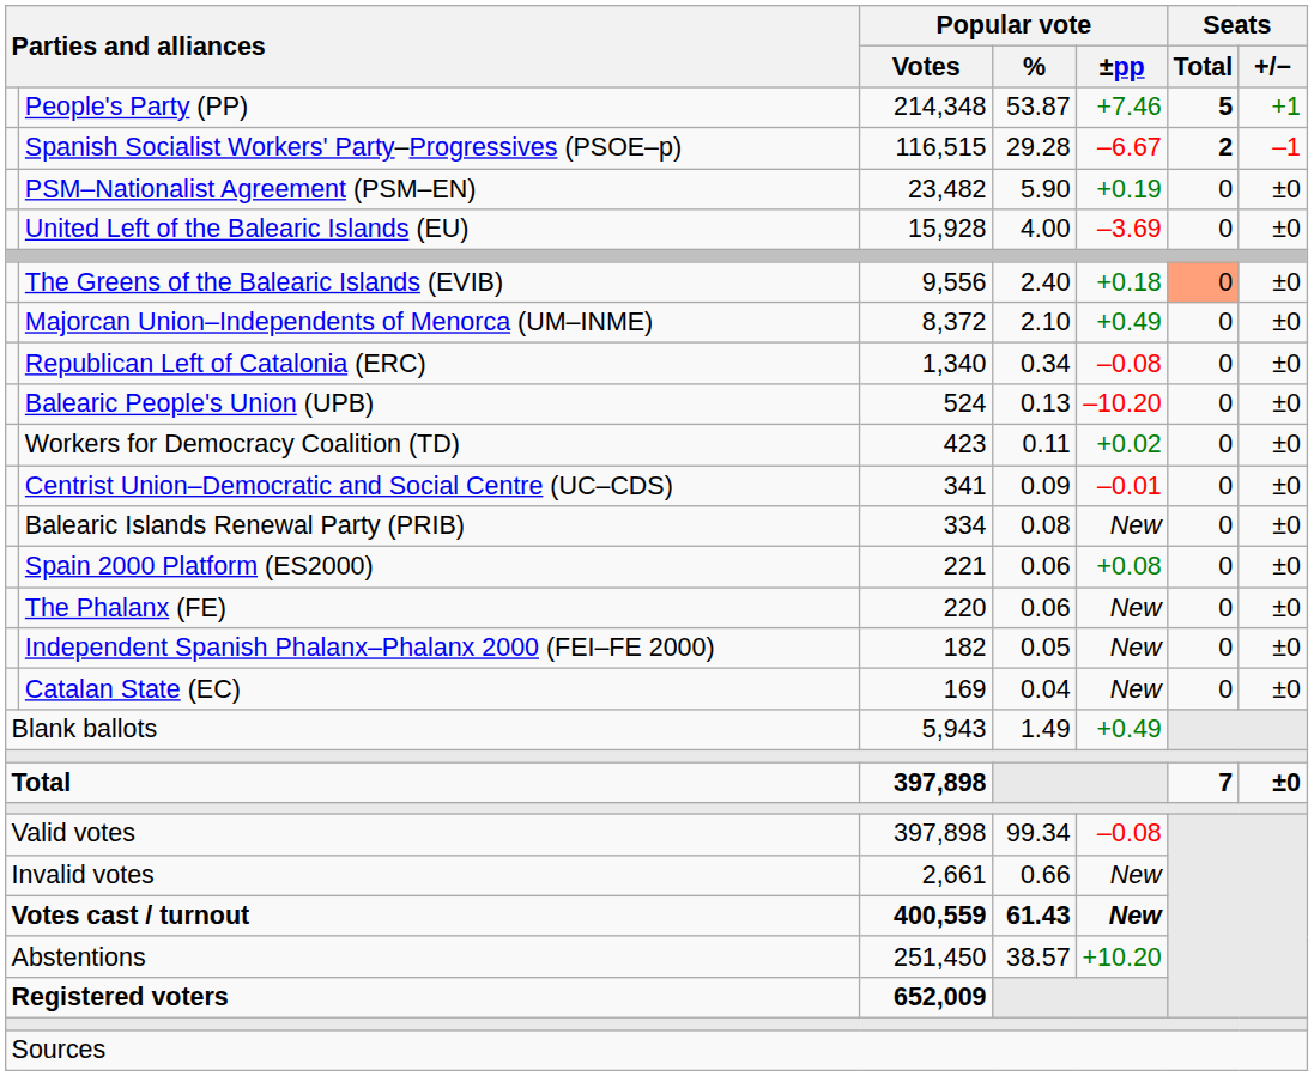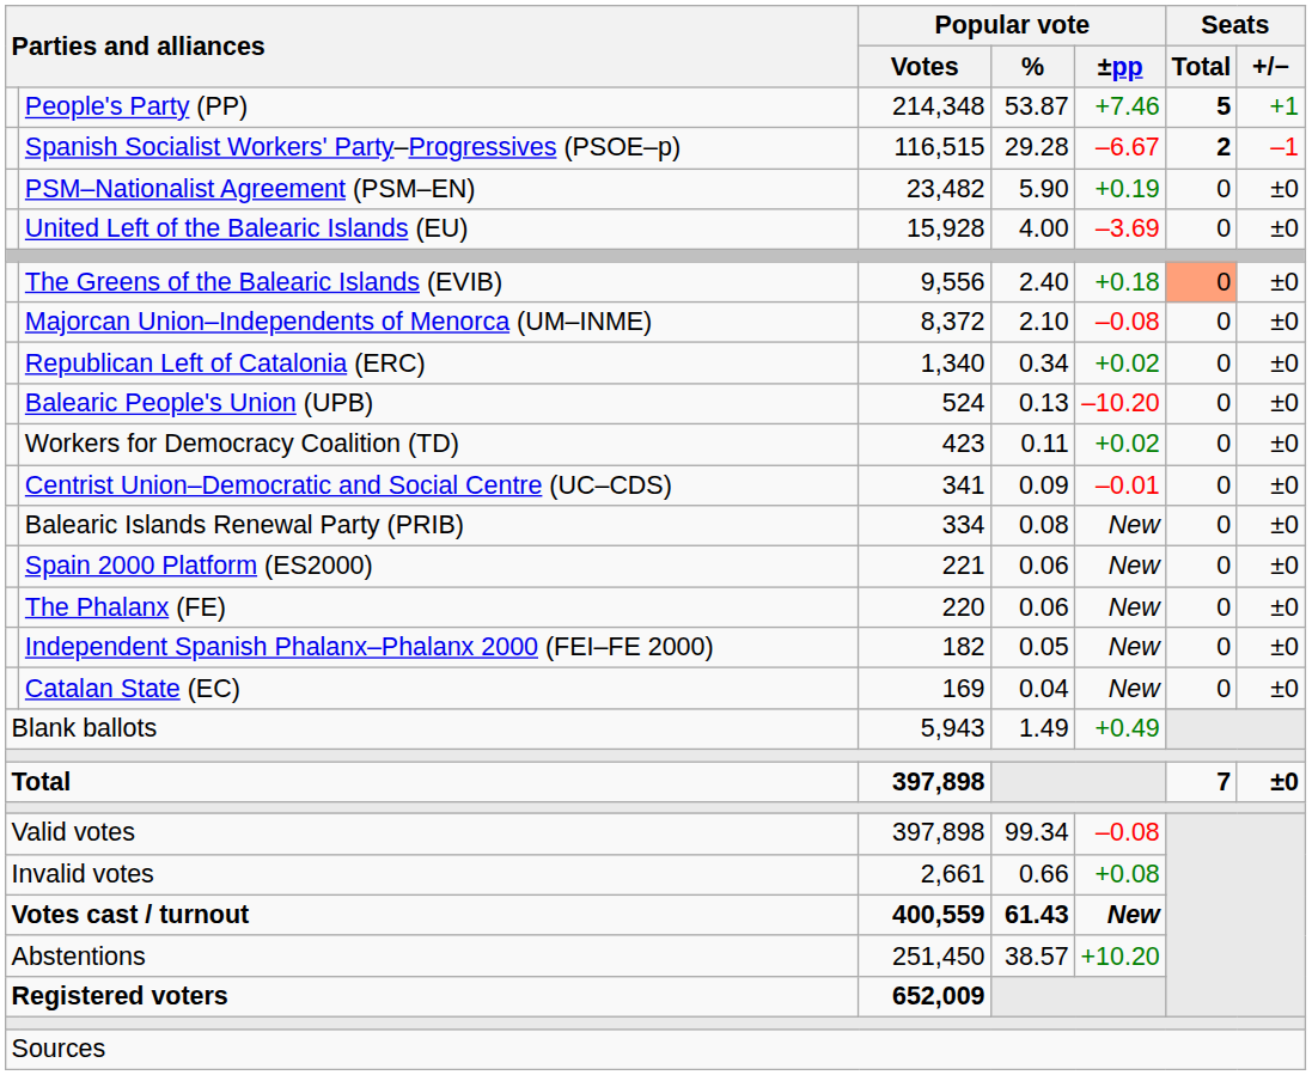 <table class="wikitable" style="text-align:right;">
 <tr>
 <th style="text-align:left;" rowspan="2" colspan="2" width="525">Parties and alliances</th>
 <th colspan="3">Popular vote</th>
 <th colspan="2">Seats</th>
 </tr>
 <tr>
 <th width="75">Votes</th>
 <th width="45">%</th>
 <th width="45">±<a href='#'>pp</a></th>
 <th width="35">Total</th>
 <th width="35">+/−</th>
 </tr>
 <tr>
 <td width="1" style="color:inherit;background:"></td>
 <td align="left"><a href='#'>People's Party</a> (PP)</td>
 <td>214,348</td>
 <td>53.87</td>
 <td style="color:green;">+7.46</td>
 <td><strong>5</strong></td>
 <td style="color:green;">+1</td>
 </tr>
 <tr>
 <td style="color:inherit;background:"></td>
 <td align="left"><a href='#'>Spanish Socialist Workers' Party</a>–<a href='#'>Progressives</a> (PSOE–p)</td>
 <td>116,515</td>
 <td>29.28</td>
 <td style="color:red;">–6.67</td>
 <td><strong>2</strong></td>
 <td style="color:red;">–1</td>
 </tr>
 <tr>
 <td style="color:inherit;background:"></td>
 <td align="left"><a href='#'>PSM–Nationalist Agreement</a> (PSM–EN)</td>
 <td>23,482</td>
 <td>5.90</td>
 <td style="color:green;">+0.19</td>
 <td>0</td>
 <td>±0</td>
 </tr>
 <tr>
 <td style="color:inherit;background:"></td>
 <td align="left"><a href='#'>United Left of the Balearic Islands</a> (EU)</td>
 <td>15,928</td>
 <td>4.00</td>
 <td style="color:red;">–3.69</td>
 <td>0</td>
 <td>±0</td>
 </tr>
 <tr>
 <td colspan="7" bgcolor="#C0C0C0"></td>
 </tr>
 <tr>
 <td style="color:inherit;background:"></td>
 <td align="left"><a href='#'>The Greens of the Balearic Islands</a> (EVIB)</td>
 <td>9,556</td>
 <td>2.40</td>
 <td style="color:green;">+0.18</td>
 <td style="background: lightsalmon;">0</td>
 <td>±0</td>
 </tr>
 <tr>
 <td style="color:inherit;background:"></td>
 <td align="left"><a href='#'>Majorcan Union–Independents of Menorca</a> (UM–INME)</td>
 <td>8,372</td>
 <td>2.10</td>
-<td style="color:green;">+0.49</td>
+<td style="color:red;">–0.08</td>
 <td>0</td>
 <td>±0</td>
 </tr>
 <tr>
 <td style="color:inherit;background:"></td>
 <td align="left"><a href='#'>Republican Left of Catalonia</a> (ERC)</td>
 <td>1,340</td>
 <td>0.34</td>
-<td style="color:red;">–0.08</td>
+<td style="color:green;">+0.02</td>
 <td>0</td>
 <td>±0</td>
 </tr>
 <tr>
 <td style="color:inherit;background:"></td>
 <td align="left"><a href='#'>Balearic People's Union</a> (UPB)</td>
 <td>524</td>
 <td>0.13</td>
 <td style="color:red;">–10.20</td>
 <td>0</td>
 <td>±0</td>
 </tr>
 <tr>
 <td style="color:inherit;background:"></td>
 <td align="left">Workers for Democracy Coalition (TD)</td>
 <td>423</td>
 <td>0.11</td>
 <td style="color:green;">+0.02</td>
 <td>0</td>
 <td>±0</td>
 </tr>
 <tr>
 <td style="color:inherit;background:"></td>
 <td align="left"><a href='#'>Centrist Union–Democratic and Social Centre</a> (UC–CDS)</td>
 <td>341</td>
 <td>0.09</td>
 <td style="color:red;">–0.01</td>
 <td>0</td>
 <td>±0</td>
 </tr>
 <tr>
 <td style="color:inherit;background:"></td>
 <td align="left">Balearic Islands Renewal Party (PRIB)</td>
 <td>334</td>
 <td>0.08</td>
 <td><em>New</em></td>
 <td>0</td>
 <td>±0</td>
 </tr>
 <tr>
 <td style="color:inherit;background:"></td>
 <td align="left"><a href='#'>Spain 2000 Platform</a> (ES2000)</td>
 <td>221</td>
 <td>0.06</td>
-<td style="color:green;">+0.08</td>
+<td><em>New</em></td>
 <td>0</td>
 <td>±0</td>
 </tr>
 <tr>
 <td style="color:inherit;background:"></td>
 <td align="left"><a href='#'>The Phalanx</a> (FE)</td>
 <td>220</td>
 <td>0.06</td>
 <td><em>New</em></td>
 <td>0</td>
 <td>±0</td>
 </tr>
 <tr>
 <td style="color:inherit;background:"></td>
 <td align="left"><a href='#'>Independent Spanish Phalanx–Phalanx 2000</a> (FEI–FE 2000)</td>
 <td>182</td>
 <td>0.05</td>
 <td><em>New</em></td>
 <td>0</td>
 <td>±0</td>
 </tr>
 <tr>
 <td style="color:inherit;background:"></td>
 <td align="left"><a href='#'>Catalan State</a> (EC)</td>
 <td>169</td>
 <td>0.04</td>
 <td><em>New</em></td>
 <td>0</td>
 <td>±0</td>
 </tr>
 <tr>
 <td align="left" colspan="2">Blank ballots</td>
 <td>5,943</td>
 <td>1.49</td>
 <td style="color:green;">+0.49</td>
 <td bgcolor="#E9E9E9" colspan="2"></td>
 </tr>
 <tr>
 <td colspan="7" bgcolor="#E9E9E9"></td>
 </tr>
 <tr style="font-weight:bold;">
 <td align="left" colspan="2">Total</td>
 <td>397,898</td>
 <td bgcolor="#E9E9E9" colspan="2"></td>
 <td>7</td>
 <td>±0</td>
 </tr>
 <tr>
 <td colspan="7" bgcolor="#E9E9E9"></td>
 </tr>
 <tr>
 <td align="left" colspan="2">Valid votes</td>
 <td>397,898</td>
 <td>99.34</td>
 <td style="color:red;">–0.08</td>
 <td bgcolor="#E9E9E9" colspan="2" rowspan="5"></td>
 </tr>
 <tr>
 <td align="left" colspan="2">Invalid votes</td>
 <td>2,661</td>
 <td>0.66</td>
-<td><em>New</em></td>
+<td style="color:green;">+0.08</td>
 </tr>
 <tr style="font-weight:bold;">
 <td align="left" colspan="2">Votes cast / turnout</td>
 <td>400,559</td>
 <td>61.43</td>
 <td><em>New</em></td>
 </tr>
 <tr>
 <td align="left" colspan="2">Abstentions</td>
 <td>251,450</td>
 <td>38.57</td>
 <td style="color:green;">+10.20</td>
 </tr>
 <tr style="font-weight:bold;">
 <td align="left" colspan="2">Registered voters</td>
 <td>652,009</td>
 <td bgcolor="#E9E9E9" colspan="2"></td>
 </tr>
 <tr>
 <td colspan="7" bgcolor="#E9E9E9"></td>
 </tr>
 <tr>
 <td align="left" colspan="7">Sources</td>
 </tr>
 </table>
